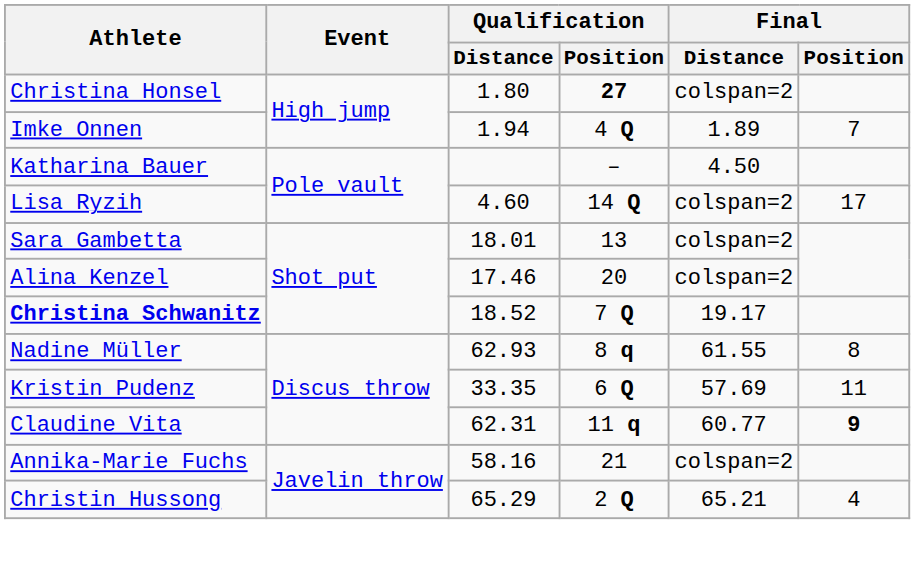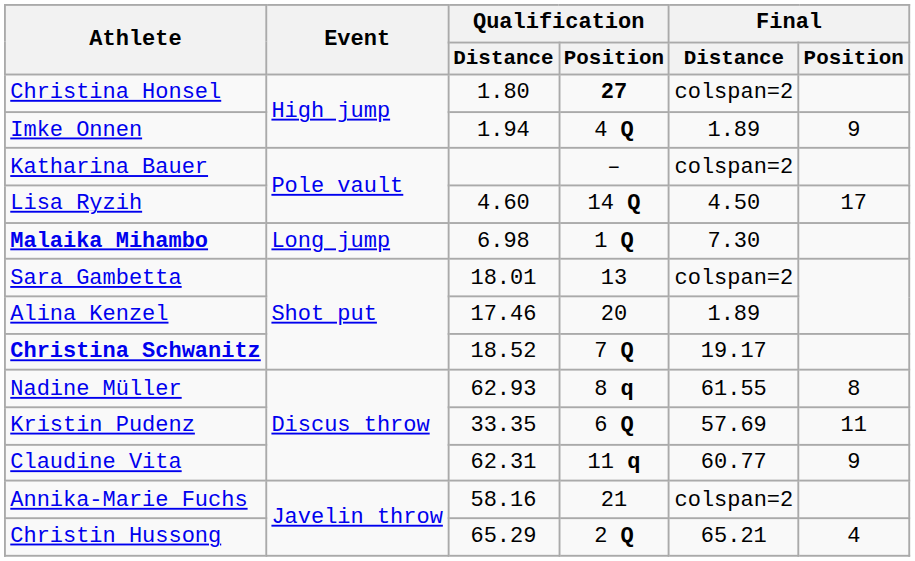 <table class=wikitable style=font-size:90%>
 <tr>
 <th rowspan=2>Athlete</th>
 <th rowspan=2>Event</th>
 <th colspan=2>Qualification</th>
 <th colspan=2>Final</th>
 </tr>
 <tr style=font-size:95%>
 <th>Distance</th>
 <th>Position</th>
 <th>Distance</th>
 <th>Position</th>
 </tr>
 <tr align=center>
 <td align=left><a href='#'>Christina Honsel</a></td>
 <td align=left rowspan=2><a href='#'>High jump</a></td>
 <td>1.80</td>
 <td><strong>27</strong></td>
 <td>colspan=2 </td>
 </tr>
 <tr align=center>
 <td align=left><a href='#'>Imke Onnen</a></td>
 <td>1.94</td>
 <td>4 <strong>Q</strong></td>
 <td>1.89</td>
-<td>7</td>
+<td>9</td>
 </tr>
 <tr align=center>
 <td align=left><a href='#'>Katharina Bauer</a></td>
 <td align=left rowspan=2><a href='#'>Pole vault</a></td>
 <td></td>
 <td>–</td>
-<td>4.50</td>
+<td>colspan=2 </td>
 </tr>
 <tr align=center>
 <td align=left><a href='#'>Lisa Ryzih</a></td>
 <td>4.60</td>
 <td>14 <strong>Q</strong></td>
-<td>colspan=2 </td>
+<td>4.50</td>
 <td>17</td>
+</tr>
+<tr align=center>
+<td align=left><strong><a href='#'>Malaika Mihambo</a></strong></td>
+<td align=left><a href='#'>Long jump</a></td>
+<td>6.98</td>
+<td>1 <strong>Q</strong></td>
+<td>7.30 </td>
+<td></td>
 </tr>
 <tr align=center>
 <td align=left><a href='#'>Sara Gambetta</a></td>
 <td align=left rowspan=3><a href='#'>Shot put</a></td>
 <td>18.01</td>
 <td>13</td>
 <td>colspan=2 </td>
 </tr>
 <tr align=center>
 <td align=left><a href='#'>Alina Kenzel</a></td>
 <td>17.46</td>
 <td>20</td>
-<td>colspan=2 </td>
+<td>1.89</td>
 </tr>
 <tr align=center>
 <td align=left><strong><a href='#'>Christina Schwanitz</a></strong></td>
 <td>18.52</td>
 <td>7 <strong>Q</strong></td>
 <td>19.17</td>
 <td></td>
 </tr>
 <tr align=center>
 <td align=left><a href='#'>Nadine Müller</a></td>
 <td align=left  rowspan=3><a href='#'>Discus throw</a></td>
 <td>62.93</td>
 <td>8 <strong>q</strong></td>
 <td>61.55</td>
 <td>8</td>
 </tr>
 <tr align=center>
 <td align=left><a href='#'>Kristin Pudenz</a></td>
 <td>33.35</td>
 <td>6 <strong>Q</strong></td>
 <td>57.69</td>
 <td>11</td>
 </tr>
 <tr align=center>
 <td align=left><a href='#'>Claudine Vita</a></td>
 <td>62.31</td>
 <td>11 <strong>q</strong></td>
 <td>60.77</td>
-<td><strong>9</strong></td>
+<td>9</td>
 </tr>
 <tr align=center>
 <td align=left><a href='#'>Annika-Marie Fuchs</a></td>
 <td align=left rowspan=2><a href='#'>Javelin throw</a></td>
 <td>58.16</td>
 <td>21</td>
 <td>colspan=2 </td>
 </tr>
 <tr align=center>
 <td align=left><a href='#'>Christin Hussong</a></td>
 <td>65.29</td>
 <td>2 <strong>Q</strong></td>
 <td>65.21</td>
 <td>4</td>
 </tr>
 </table>
